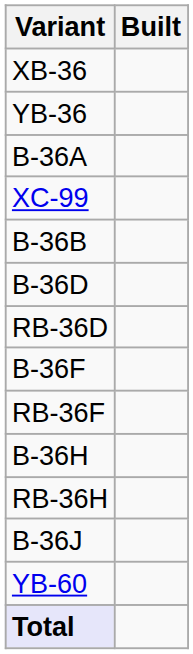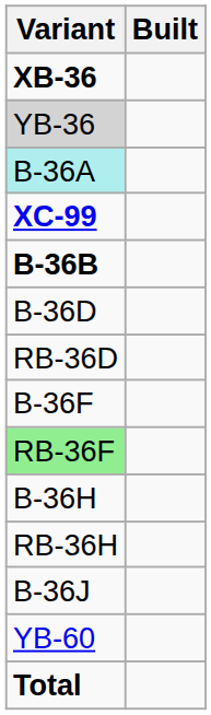 <table class = "wikitable sortable" style = "float:right; font-size:90%; margin-left:15px">
 <tr>
 <th>Variant</th>
 <th>Built</th>
 </tr>
 <tr>
-<td>XB-36</td>
+<td><strong>XB-36</strong></td>
 <td></td>
 </tr>
 <tr>
-<td>YB-36</td>
+<td style="background: lightgrey;">YB-36</td>
 <td></td>
 </tr>
 <tr>
-<td>B-36A</td>
+<td style="background: paleturquoise;">B-36A</td>
 <td></td>
 </tr>
 <tr>
-<td><a href='#'>XC-99</a></td>
+<td><strong><a href='#'>XC-99</a></strong></td>
 <td></td>
 </tr>
 <tr>
-<td>B-36B</td>
+<td><strong>B-36B</strong></td>
 <td></td>
 </tr>
 <tr>
 <td>B-36D</td>
 <td></td>
 </tr>
 <tr>
 <td>RB-36D</td>
 <td></td>
 </tr>
 <tr>
 <td>B-36F</td>
 <td></td>
 </tr>
 <tr>
-<td>RB-36F</td>
+<td style="background: lightgreen;">RB-36F</td>
 <td></td>
 </tr>
 <tr>
 <td>B-36H</td>
 <td></td>
 </tr>
 <tr>
 <td>RB-36H</td>
 <td></td>
 </tr>
 <tr>
 <td>B-36J</td>
 <td></td>
 </tr>
 <tr>
 <td><a href='#'>YB-60</a></td>
 <td></td>
 </tr>
 <tr style="border-top:1px solid #999;">
-<td style="background: lavender;"><strong>Total</strong></td>
+<td><strong>Total</strong></td>
 <td></td>
 </tr>
 </table>
